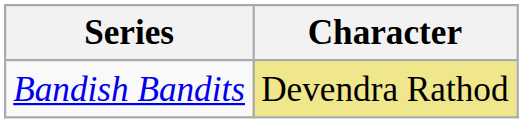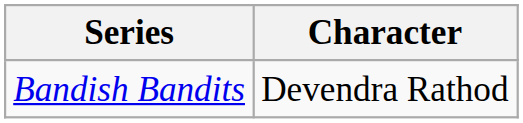 <table class="wikitable">
 <tr>
 <th>Series</th>
 <th>Character</th>
 </tr>
 <tr>
 <td><em><a href='#'>Bandish Bandits</a></em></td>
-<td style="background: khaki;">Devendra Rathod</td>
+<td>Devendra Rathod</td>
 </tr>
 </table>
